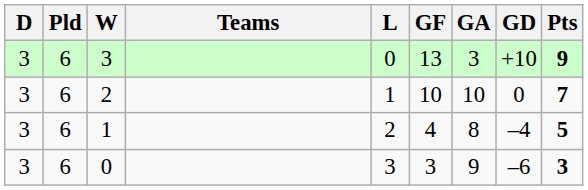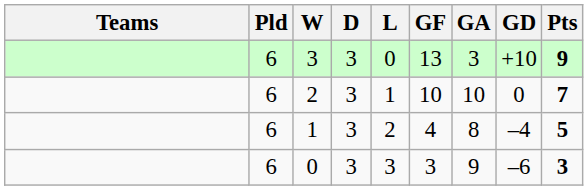 <table class="wikitable" style="text-align: center;">
 <tr>
-<th width=20>D</th>
+<th width=165>Teams</th>
 <th width=20>Pld</th>
 <th width=20>W</th>
-<th width=165>Teams</th>
+<th width=20>D</th>
 <th width=20>L</th>
 <th width=20>GF</th>
 <th width=20>GA</th>
 <th width=20>GD</th>
 <th width=20>Pts</th>
 </tr>
 <tr align=center style="background:#ccffcc;">
-<td>3</td>
+<td style="text-align:left;"></td>
 <td>6</td>
 <td>3</td>
-<td style="text-align:left;"></td>
+<td>3</td>
 <td>0</td>
 <td>13</td>
 <td>3</td>
 <td>+10</td>
 <td><strong>9</strong></td>
 </tr>
 <tr align=center>
-<td>3</td>
+<td style="text-align:left;"></td>
 <td>6</td>
 <td>2</td>
-<td style="text-align:left;"></td>
+<td>3</td>
 <td>1</td>
 <td>10</td>
 <td>10</td>
 <td>0</td>
 <td><strong>7</strong></td>
 </tr>
 <tr align=center>
-<td>3</td>
+<td style="text-align:left;"></td>
 <td>6</td>
 <td>1</td>
-<td style="text-align:left;"></td>
+<td>3</td>
 <td>2</td>
 <td>4</td>
 <td>8</td>
 <td>–4</td>
 <td><strong>5</strong></td>
 </tr>
 <tr align=center>
-<td>3</td>
+<td style="text-align:left;"></td>
 <td>6</td>
 <td>0</td>
-<td style="text-align:left;"></td>
+<td>3</td>
 <td>3</td>
 <td>3</td>
 <td>9</td>
 <td>–6</td>
 <td><strong>3</strong></td>
 </tr>
 </table>
